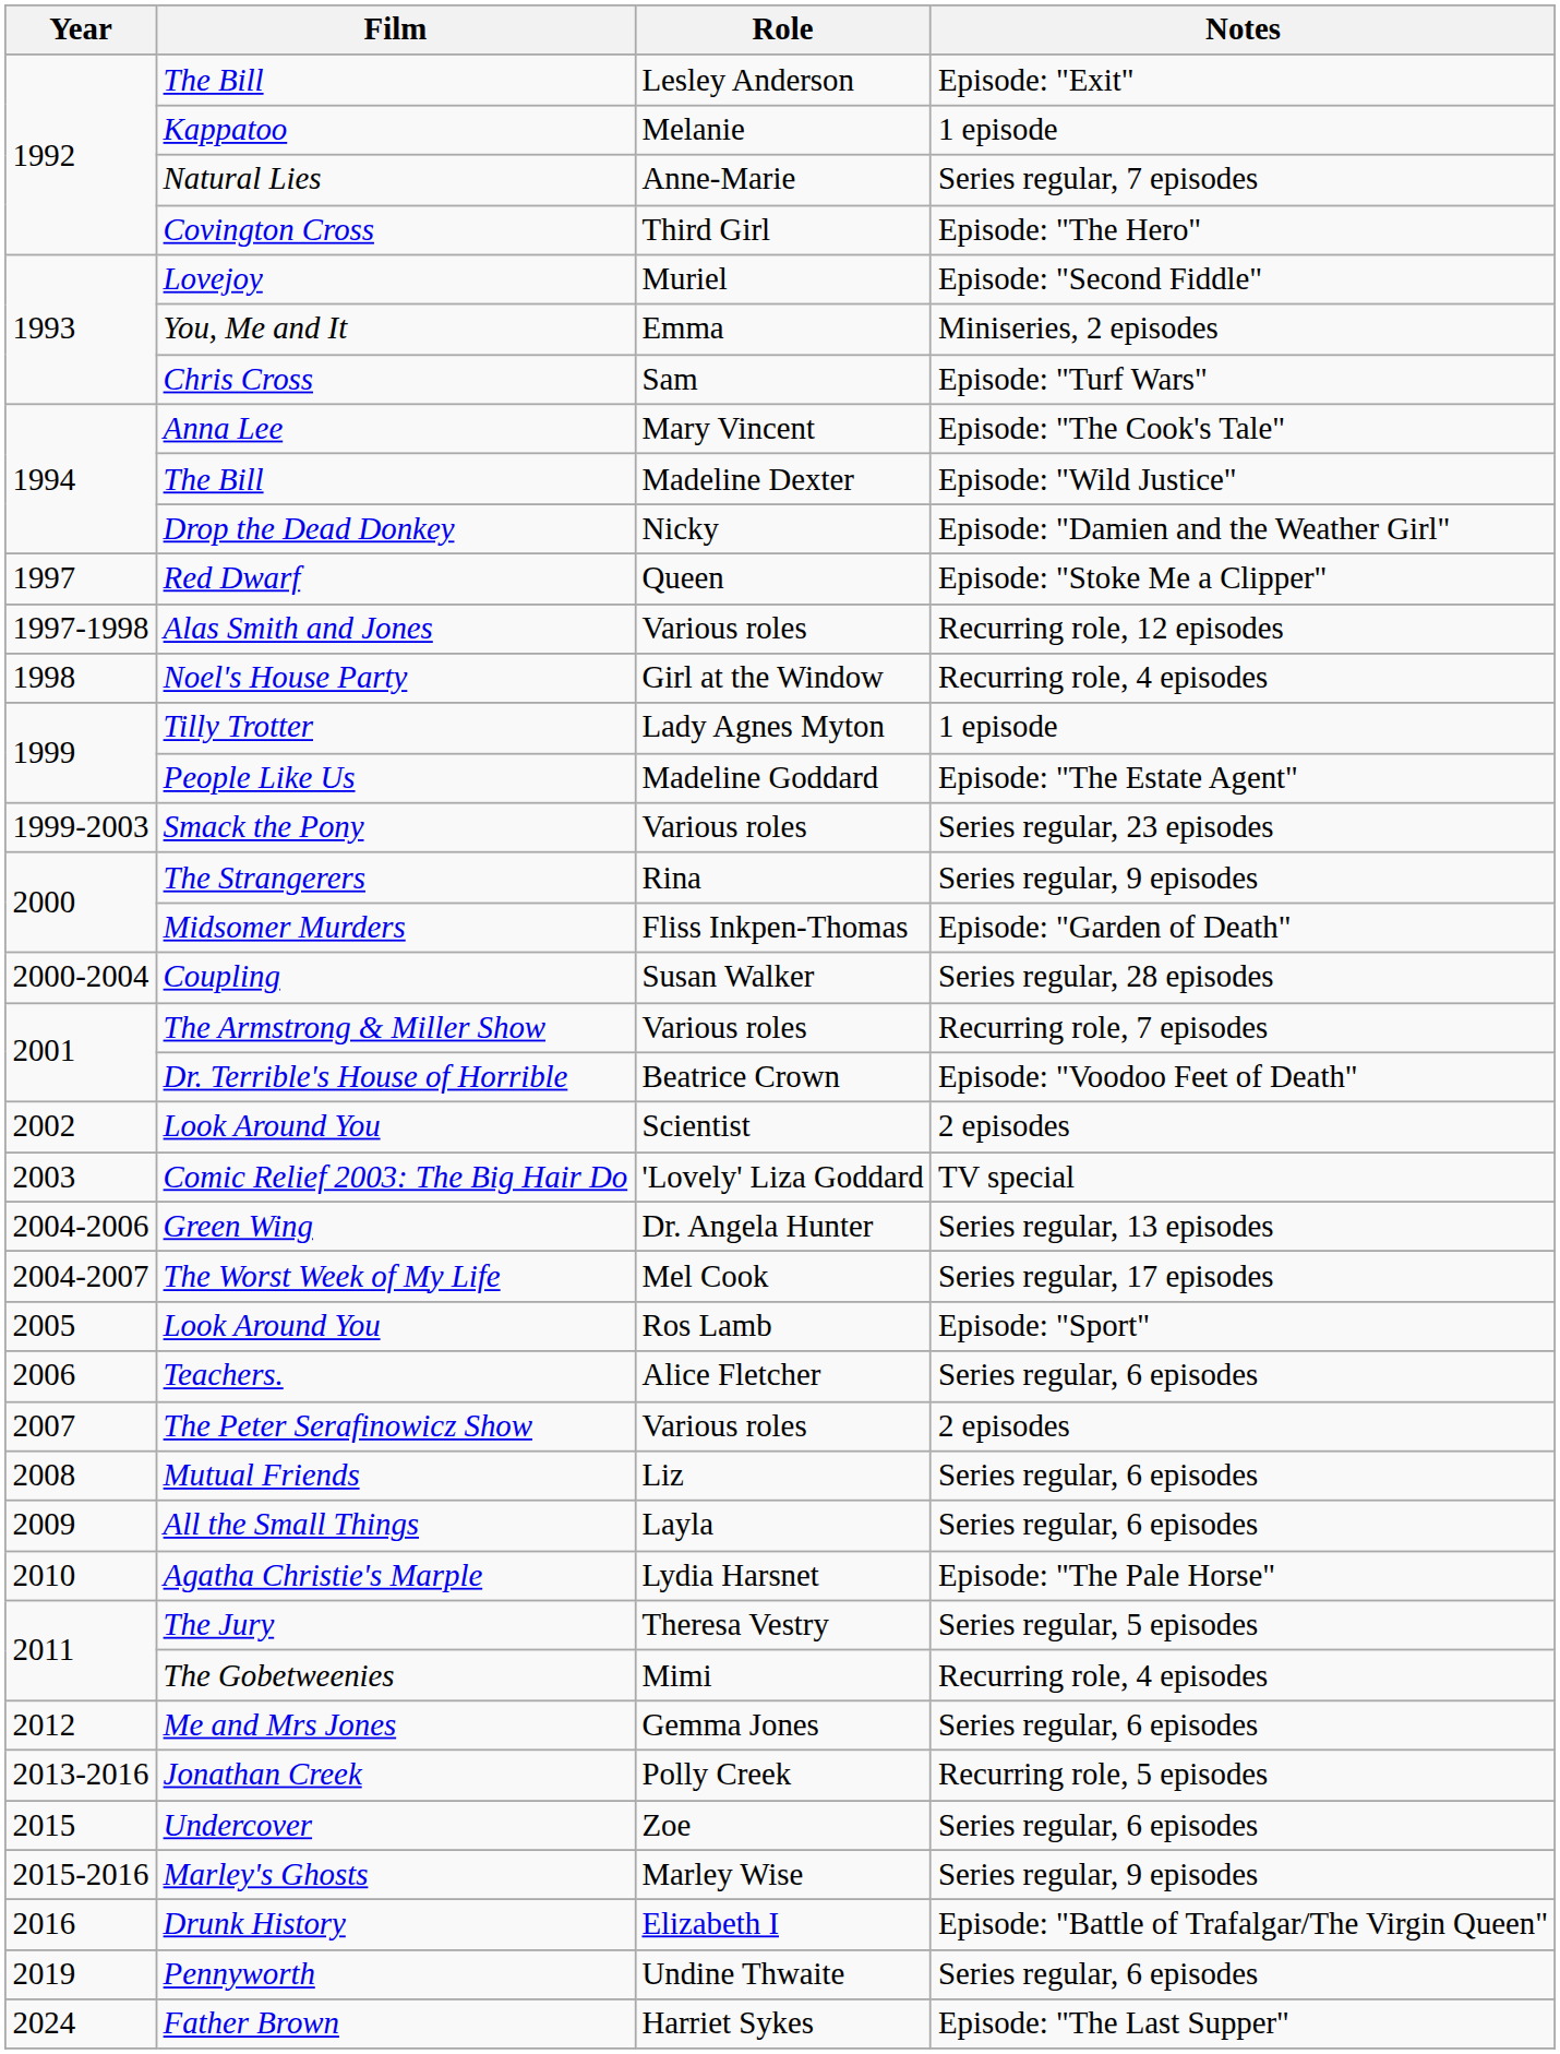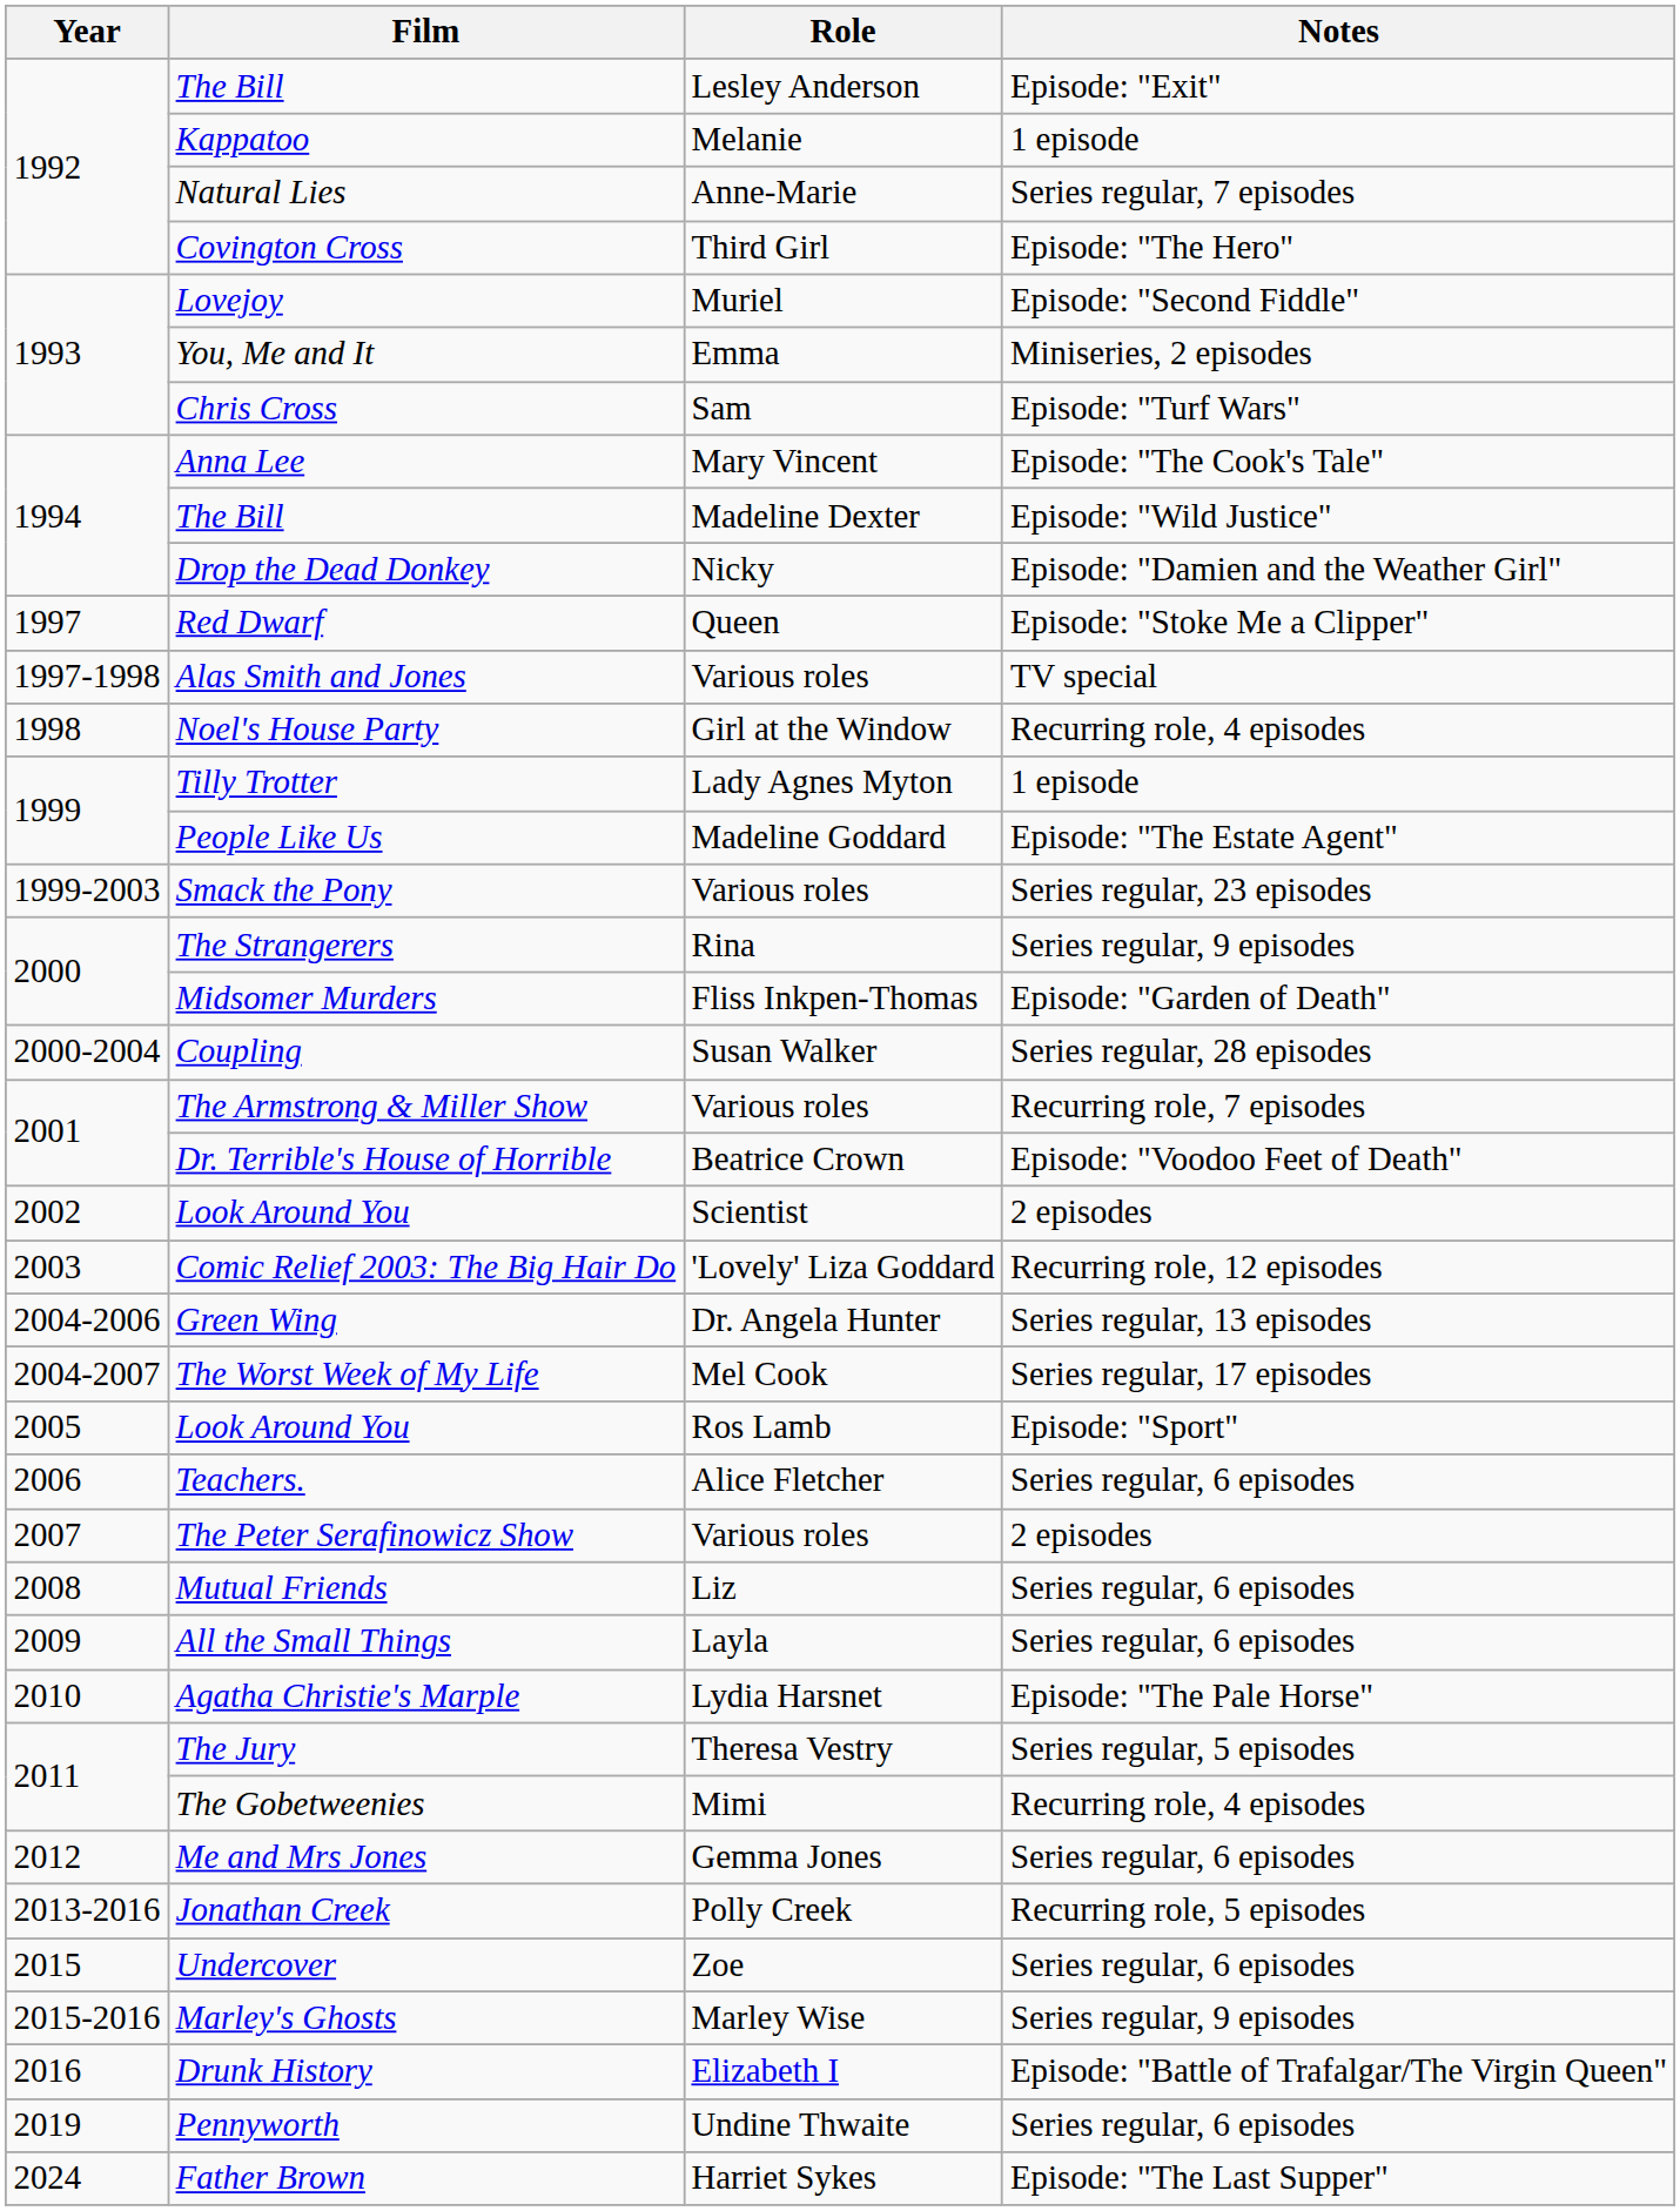 <table class="wikitable">
 <tr>
 <th>Year</th>
 <th>Film</th>
 <th>Role</th>
 <th>Notes</th>
 </tr>
 <tr>
 <td rowspan="4">1992</td>
 <td><em><a href='#'>The Bill</a></em></td>
 <td>Lesley Anderson</td>
 <td>Episode: "Exit"</td>
 </tr>
 <tr>
 <td><em><a href='#'>Kappatoo</a></em></td>
 <td>Melanie</td>
 <td>1 episode</td>
 </tr>
 <tr>
 <td><em>Natural Lies</em></td>
 <td>Anne-Marie</td>
 <td>Series regular, 7 episodes</td>
 </tr>
 <tr>
 <td><em><a href='#'>Covington Cross</a></em></td>
 <td>Third Girl</td>
 <td>Episode: "The Hero"</td>
 </tr>
 <tr>
 <td rowspan="3">1993</td>
 <td><em><a href='#'>Lovejoy</a></em></td>
 <td>Muriel</td>
 <td>Episode: "Second Fiddle"</td>
 </tr>
 <tr>
 <td><em>You, Me and It</em></td>
 <td>Emma</td>
 <td>Miniseries, 2 episodes</td>
 </tr>
 <tr>
 <td><em><a href='#'>Chris Cross</a></em></td>
 <td>Sam</td>
 <td>Episode: "Turf Wars"</td>
 </tr>
 <tr>
 <td rowspan="3">1994</td>
 <td><em><a href='#'>Anna Lee</a></em></td>
 <td>Mary Vincent</td>
 <td>Episode: "The Cook's Tale"</td>
 </tr>
 <tr>
 <td><em><a href='#'>The Bill</a></em></td>
 <td>Madeline Dexter</td>
 <td>Episode: "Wild Justice"</td>
 </tr>
 <tr>
 <td><em><a href='#'>Drop the Dead Donkey</a></em></td>
 <td>Nicky</td>
 <td>Episode: "Damien and the Weather Girl"</td>
 </tr>
 <tr>
 <td>1997</td>
 <td><em><a href='#'>Red Dwarf</a></em></td>
 <td>Queen</td>
 <td>Episode: "Stoke Me a Clipper"</td>
 </tr>
 <tr>
 <td>1997-1998</td>
 <td><em><a href='#'>Alas Smith and Jones</a></em></td>
 <td>Various roles</td>
-<td>Recurring role, 12 episodes</td>
+<td>TV special</td>
 </tr>
 <tr>
 <td>1998</td>
 <td><em><a href='#'>Noel's House Party</a></em></td>
 <td>Girl at the Window</td>
 <td>Recurring role, 4 episodes</td>
 </tr>
 <tr>
 <td rowspan="2">1999</td>
 <td><em><a href='#'>Tilly Trotter</a></em></td>
 <td>Lady Agnes Myton</td>
 <td>1 episode</td>
 </tr>
 <tr>
 <td><em><a href='#'>People Like Us</a></em></td>
 <td>Madeline Goddard</td>
 <td>Episode: "The Estate Agent"</td>
 </tr>
 <tr>
 <td>1999-2003</td>
 <td><em><a href='#'>Smack the Pony</a></em></td>
 <td>Various roles</td>
 <td>Series regular, 23 episodes</td>
 </tr>
 <tr>
 <td rowspan="2">2000</td>
 <td><em><a href='#'>The Strangerers</a></em></td>
 <td>Rina</td>
 <td>Series regular, 9 episodes</td>
 </tr>
 <tr>
 <td><em><a href='#'>Midsomer Murders</a></em></td>
 <td>Fliss Inkpen-Thomas</td>
 <td>Episode: "Garden of Death"</td>
 </tr>
 <tr>
 <td>2000-2004</td>
 <td><em><a href='#'>Coupling</a></em></td>
 <td>Susan Walker</td>
 <td>Series regular, 28 episodes</td>
 </tr>
 <tr>
 <td rowspan="2">2001</td>
 <td><em><a href='#'>The Armstrong & Miller Show</a></em></td>
 <td>Various roles</td>
 <td>Recurring role, 7 episodes</td>
 </tr>
 <tr>
 <td><em><a href='#'>Dr. Terrible's House of Horrible</a></em></td>
 <td>Beatrice Crown</td>
 <td>Episode: "Voodoo Feet of Death"</td>
 </tr>
 <tr>
 <td>2002</td>
 <td><em><a href='#'>Look Around You</a></em></td>
 <td>Scientist</td>
 <td>2 episodes</td>
 </tr>
 <tr>
 <td>2003</td>
 <td><em><a href='#'>Comic Relief 2003: The Big Hair Do</a></em></td>
 <td>'Lovely' Liza Goddard</td>
-<td>TV special</td>
+<td>Recurring role, 12 episodes</td>
 </tr>
 <tr>
 <td>2004-2006</td>
 <td><em><a href='#'>Green Wing</a></em></td>
 <td>Dr. Angela Hunter</td>
 <td>Series regular, 13 episodes</td>
 </tr>
 <tr>
 <td>2004-2007</td>
 <td><em><a href='#'>The Worst Week of My Life</a></em></td>
 <td>Mel Cook</td>
 <td>Series regular, 17 episodes</td>
 </tr>
 <tr>
 <td>2005</td>
 <td><em><a href='#'>Look Around You</a></em></td>
 <td>Ros Lamb</td>
 <td>Episode: "Sport"</td>
 </tr>
 <tr>
 <td>2006</td>
 <td><em><a href='#'>Teachers.</a></em></td>
 <td>Alice Fletcher</td>
 <td>Series regular, 6 episodes</td>
 </tr>
 <tr>
 <td>2007</td>
 <td><em><a href='#'>The Peter Serafinowicz Show</a></em></td>
 <td>Various roles</td>
 <td>2 episodes</td>
 </tr>
 <tr>
 <td>2008</td>
 <td><em><a href='#'>Mutual Friends</a></em></td>
 <td>Liz</td>
 <td>Series regular, 6 episodes</td>
 </tr>
 <tr>
 <td>2009</td>
 <td><em><a href='#'>All the Small Things</a></em></td>
 <td>Layla</td>
 <td>Series regular, 6 episodes</td>
 </tr>
 <tr>
 <td>2010</td>
 <td><em><a href='#'>Agatha Christie's Marple</a></em></td>
 <td>Lydia Harsnet</td>
 <td>Episode: "The Pale Horse"</td>
 </tr>
 <tr>
 <td rowspan="2">2011</td>
 <td><em><a href='#'>The Jury</a></em></td>
 <td>Theresa Vestry</td>
 <td>Series regular, 5 episodes</td>
 </tr>
 <tr>
 <td><em>The Gobetweenies</em></td>
 <td>Mimi</td>
 <td>Recurring role, 4 episodes</td>
 </tr>
 <tr>
 <td>2012</td>
 <td><em><a href='#'>Me and Mrs Jones</a></em></td>
 <td>Gemma Jones</td>
 <td>Series regular, 6 episodes</td>
 </tr>
 <tr>
 <td>2013-2016</td>
 <td><em><a href='#'>Jonathan Creek</a></em></td>
 <td>Polly Creek</td>
 <td>Recurring role, 5 episodes</td>
 </tr>
 <tr>
 <td>2015</td>
 <td><em><a href='#'>Undercover</a></em></td>
 <td>Zoe</td>
 <td>Series regular, 6 episodes</td>
 </tr>
 <tr>
 <td>2015-2016</td>
 <td><em><a href='#'>Marley's Ghosts</a></em></td>
 <td>Marley Wise</td>
 <td>Series regular, 9 episodes</td>
 </tr>
 <tr>
 <td>2016</td>
 <td><em><a href='#'>Drunk History</a></em></td>
 <td><a href='#'>Elizabeth I</a></td>
 <td>Episode: "Battle of Trafalgar/The Virgin Queen"</td>
 </tr>
 <tr>
 <td>2019</td>
 <td><em><a href='#'>Pennyworth</a></em></td>
 <td>Undine Thwaite</td>
 <td>Series regular, 6 episodes</td>
 </tr>
 <tr>
 <td>2024</td>
 <td><em><a href='#'>Father Brown</a></em></td>
 <td>Harriet Sykes</td>
 <td>Episode: "The Last Supper"</td>
 </tr>
 </table>
